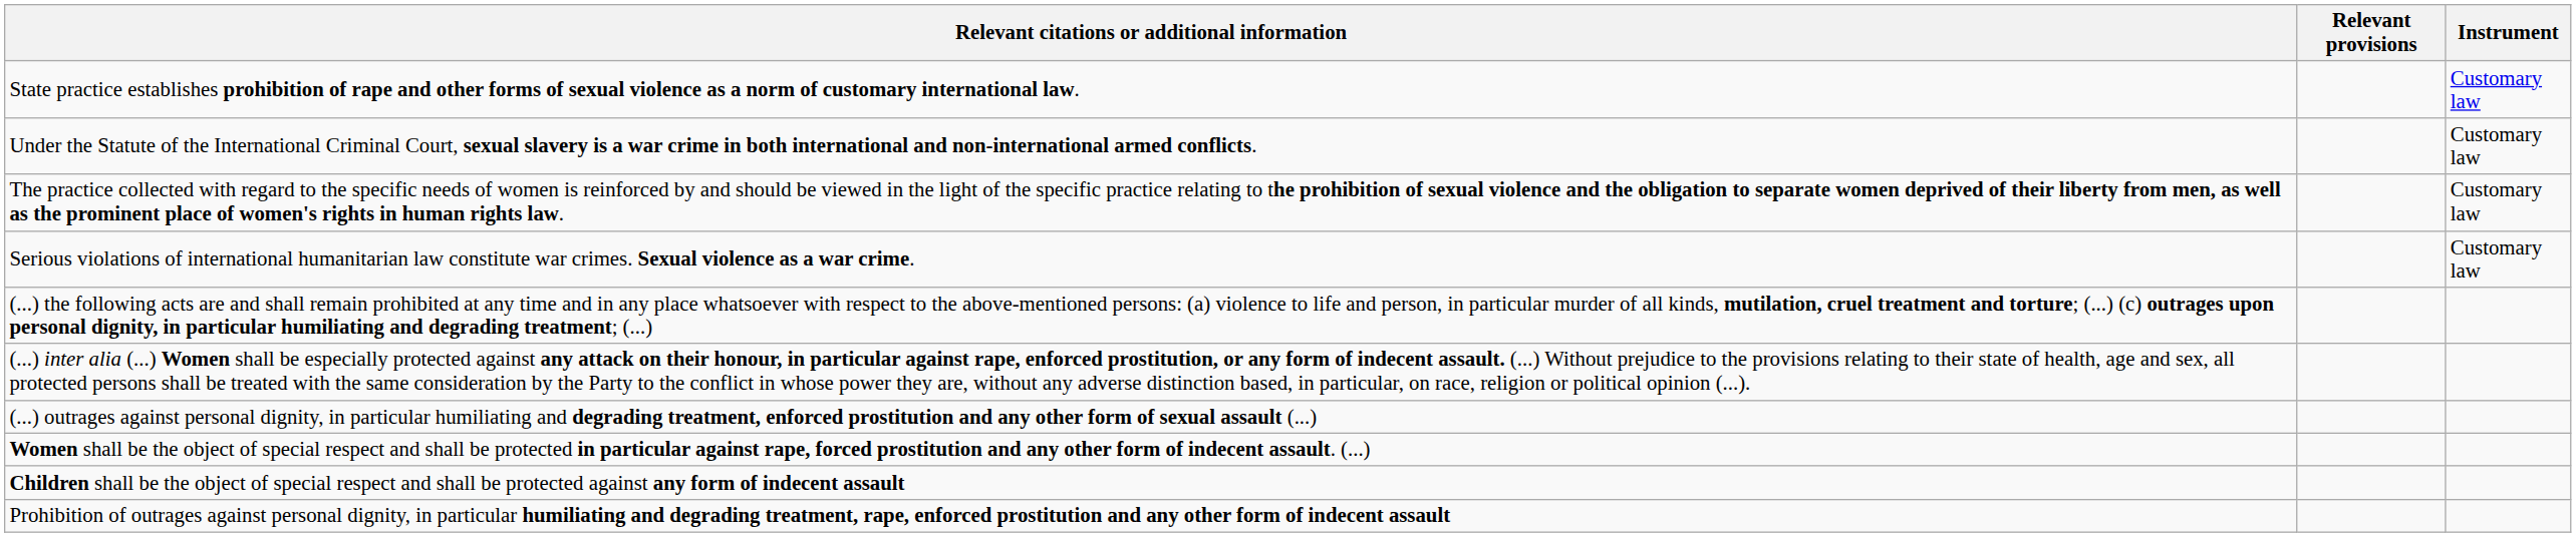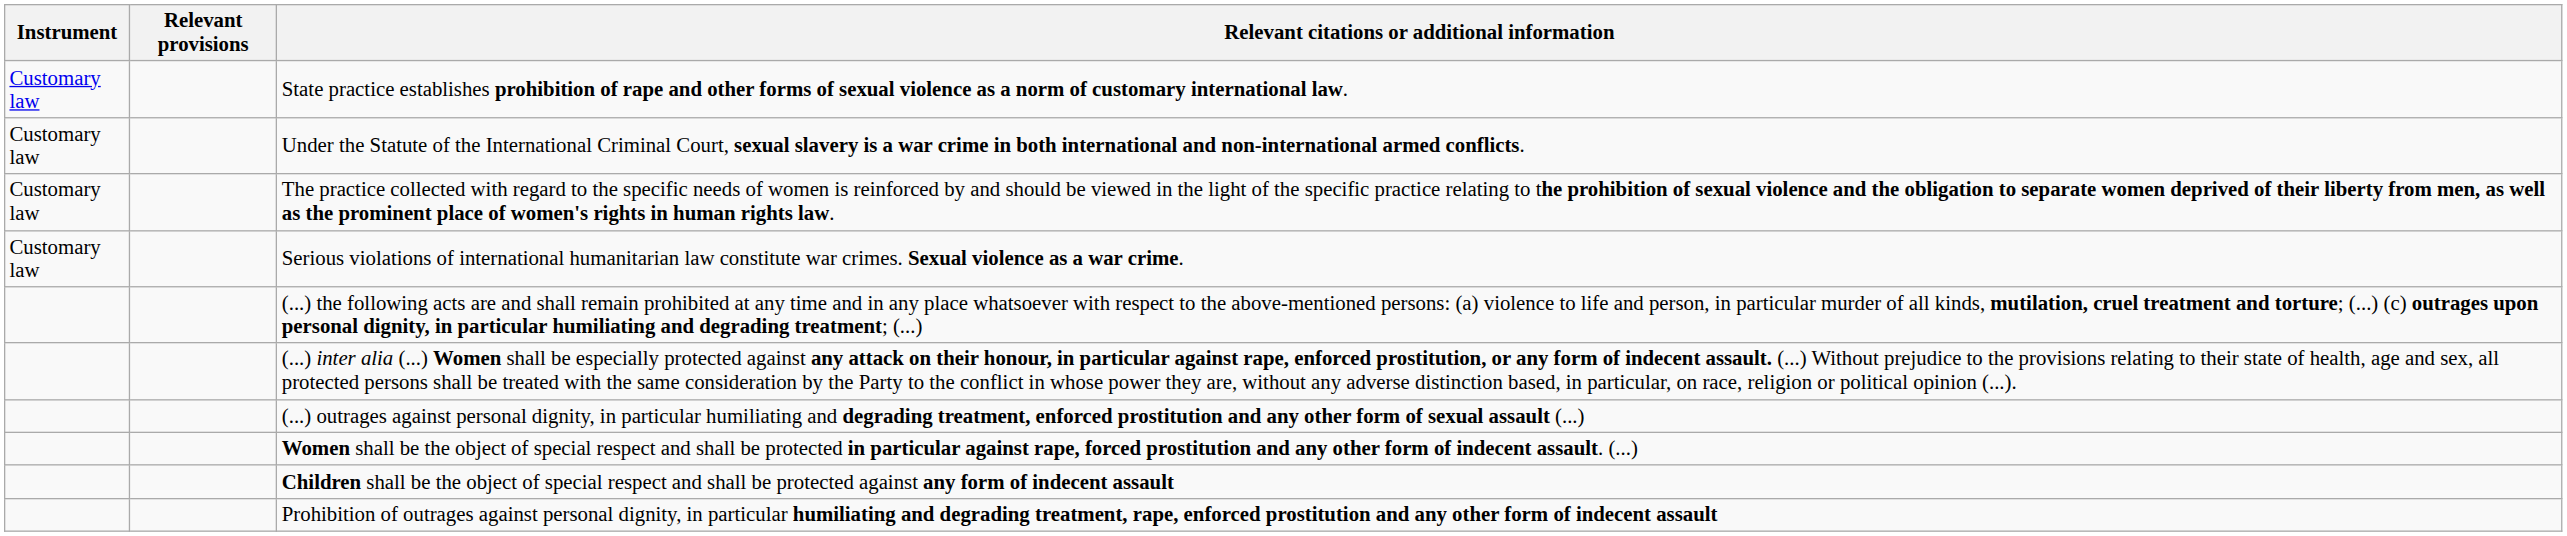 <table class="wikitable">
 <tr>
+<th>Instrument</th>
+<th>Relevant provisions</th>
 <th>Relevant citations or additional information</th>
-<th>Relevant provisions</th>
-<th>Instrument</th>
 </tr>
 <tr>
+<td><a href='#'>Customary law</a></td>
+<td></td>
 <td>State practice establishes <strong>prohibition of rape and other forms of sexual violence as a norm of customary international law</strong>.</td>
-<td></td>
-<td><a href='#'>Customary law</a></td>
 </tr>
 <tr>
+<td>Customary law</td>
+<td></td>
 <td>Under the Statute of the International Criminal Court, <strong>sexual slavery is a war crime in both international and non-international armed conflicts</strong>.</td>
-<td></td>
-<td>Customary law</td>
 </tr>
 <tr>
+<td>Customary law</td>
+<td></td>
 <td>The practice collected with regard to the specific needs of women is reinforced by and should be viewed in the light of the specific practice relating to t<strong>he prohibition of sexual violence and the obligation to separate women deprived of their liberty from men, as well as the prominent place of women's rights in human rights law</strong>.</td>
-<td></td>
-<td>Customary law</td>
 </tr>
 <tr>
+<td>Customary law</td>
+<td></td>
 <td>Serious violations of international humanitarian law constitute war crimes. <strong>Sexual violence as a war crime</strong>.</td>
-<td></td>
-<td>Customary law</td>
 </tr>
 <tr>
-<td>(...) the following acts are and shall remain prohibited at any time and in any place whatsoever with respect to the above-mentioned persons: (a) violence to life and person, in particular murder of all kinds, <strong>mutilation, cruel treatment and torture</strong>; (...) (c) <strong>outrages upon personal dignity, in particular humiliating and degrading treatment</strong>; (...)</td>
 <td></td>
 <td></td>
+<td>(...) the following acts are and shall remain prohibited at any time and in any place whatsoever with respect to the above-mentioned persons: (a) violence to life and person, in particular murder of all kinds, <strong>mutilation, cruel treatment and torture</strong>; (...) (c) <strong>outrages upon personal dignity, in particular humiliating and degrading treatment</strong>; (...)</td>
 </tr>
 <tr>
-<td>(...) <em>inter alia</em> (...) <strong>Women</strong> shall be especially protected against <strong>any attack on their honour, in particular against rape, enforced prostitution, or any form of indecent assault.</strong> (...) Without prejudice to the provisions relating to their state of health, age and sex, all protected persons shall be treated with the same consideration by the Party to the conflict in whose power they are, without any adverse distinction based, in particular, on race, religion or political opinion (...).</td>
 <td></td>
 <td></td>
+<td>(...) <em>inter alia</em> (...) <strong>Women</strong> shall be especially protected against <strong>any attack on their honour, in particular against rape, enforced prostitution, or any form of indecent assault.</strong> (...) Without prejudice to the provisions relating to their state of health, age and sex, all protected persons shall be treated with the same consideration by the Party to the conflict in whose power they are, without any adverse distinction based, in particular, on race, religion or political opinion (...).</td>
 </tr>
 <tr>
-<td>(...) outrages against personal dignity, in particular humiliating and <strong>degrading treatment, enforced prostitution and any other form of sexual assault</strong> (...)</td>
 <td></td>
 <td></td>
+<td>(...) outrages against personal dignity, in particular humiliating and <strong>degrading treatment, enforced prostitution and any other form of sexual assault</strong> (...)</td>
 </tr>
 <tr>
-<td><strong>Women</strong> shall be the object of special respect and shall be protected <strong>in particular against rape, forced prostitution and any other form of indecent assault</strong>. (...)</td>
 <td></td>
 <td></td>
+<td><strong>Women</strong> shall be the object of special respect and shall be protected <strong>in particular against rape, forced prostitution and any other form of indecent assault</strong>. (...)</td>
 </tr>
 <tr>
-<td><strong>Children</strong> shall be the object of special respect and shall be protected against <strong>any form of indecent assault</strong></td>
 <td></td>
 <td></td>
+<td><strong>Children</strong> shall be the object of special respect and shall be protected against <strong>any form of indecent assault</strong></td>
 </tr>
 <tr>
-<td>Prohibition of outrages against personal dignity, in particular <strong>humiliating and degrading treatment, rape, enforced prostitution and any other form of indecent assault</strong></td>
 <td></td>
 <td></td>
+<td>Prohibition of outrages against personal dignity, in particular <strong>humiliating and degrading treatment, rape, enforced prostitution and any other form of indecent assault</strong></td>
 </tr>
 </table>
